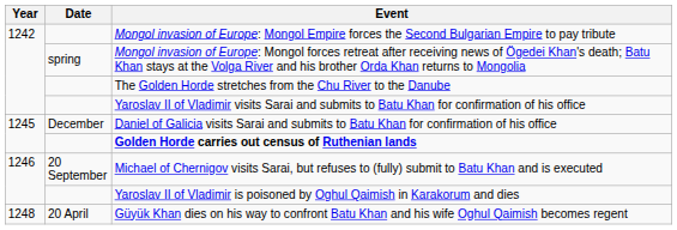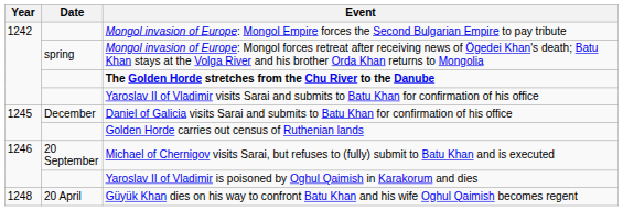 <table class="wikitable" width="100%">
 <tr>
 <th style="width:6%">Year</th>
 <th style="width:10%">Date</th>
 <th>Event</th>
 </tr>
 <tr>
 <td rowspan="4" valign="top">1242</td>
 <td></td>
 <td><em><a href='#'>Mongol invasion of Europe</a></em>: <a href='#'>Mongol Empire</a> forces the <a href='#'>Second Bulgarian Empire</a> to pay tribute</td>
 </tr>
 <tr>
 <td>spring</td>
 <td><em><a href='#'>Mongol invasion of Europe</a></em>: Mongol forces retreat after receiving news of <a href='#'>Ögedei Khan</a>'s death; <a href='#'>Batu Khan</a> stays at the <a href='#'>Volga River</a> and his brother <a href='#'>Orda Khan</a> returns to <a href='#'>Mongolia</a></td>
 </tr>
 <tr>
 <td></td>
-<td>The <a href='#'>Golden Horde</a> stretches from the <a href='#'>Chu River</a> to the <a href='#'>Danube</a></td>
+<td><strong>The <a href='#'>Golden Horde</a> stretches from the <a href='#'>Chu River</a> to the <a href='#'>Danube</a></strong></td>
 </tr>
 <tr>
 <td></td>
 <td><a href='#'>Yaroslav II of Vladimir</a> visits Sarai and submits to <a href='#'>Batu Khan</a> for confirmation of his office</td>
 </tr>
 <tr>
 <td rowspan="2" valign="top">1245</td>
 <td>December</td>
 <td><a href='#'>Daniel of Galicia</a> visits Sarai and submits to <a href='#'>Batu Khan</a> for confirmation of his office</td>
 </tr>
 <tr>
 <td></td>
-<td><strong><a href='#'>Golden Horde</a> carries out census of <a href='#'>Ruthenian lands</a></strong></td>
+<td><a href='#'>Golden Horde</a> carries out census of <a href='#'>Ruthenian lands</a></td>
 </tr>
 <tr>
 <td rowspan="2" valign="top">1246</td>
 <td>20 September</td>
 <td><a href='#'>Michael of Chernigov</a> visits Sarai, but refuses to (fully) submit to <a href='#'>Batu Khan</a> and is executed</td>
 </tr>
 <tr>
 <td></td>
 <td><a href='#'>Yaroslav II of Vladimir</a> is poisoned by <a href='#'>Oghul Qaimish</a> in <a href='#'>Karakorum</a> and dies</td>
 </tr>
 <tr>
 <td>1248</td>
 <td>20 April</td>
 <td><a href='#'>Güyük Khan</a> dies on his way to confront <a href='#'>Batu Khan</a> and his wife <a href='#'>Oghul Qaimish</a> becomes regent</td>
 </tr>
 </table>
